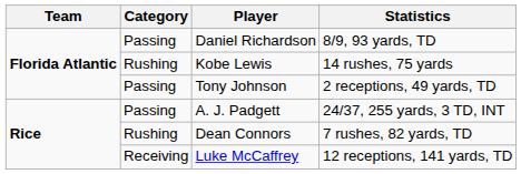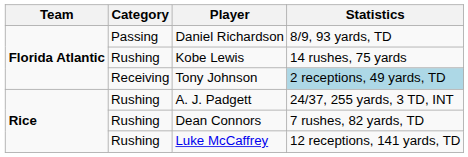 <table class="wikitable" style="float: right;">
 <tr>
 <th>Team</th>
 <th>Category</th>
 <th>Player</th>
 <th>Statistics</th>
 </tr>
 <tr>
 <td rowspan=3><strong>Florida Atlantic</strong></td>
 <td>Passing</td>
 <td>Daniel Richardson</td>
 <td>8/9, 93 yards, TD</td>
 </tr>
 <tr>
 <td>Rushing</td>
 <td>Kobe Lewis</td>
 <td>14 rushes, 75 yards</td>
 </tr>
 <tr>
-<td>Passing</td>
+<td>Receiving</td>
 <td>Tony Johnson</td>
-<td>2 receptions, 49 yards, TD</td>
+<td style="background: lightblue;">2 receptions, 49 yards, TD</td>
 </tr>
 <tr>
 <td rowspan=3><strong>Rice</strong></td>
-<td>Passing</td>
+<td>Rushing</td>
 <td>A. J. Padgett</td>
 <td>24/37, 255 yards, 3 TD, INT</td>
 </tr>
 <tr>
 <td>Rushing</td>
 <td>Dean Connors</td>
 <td>7 rushes, 82 yards, TD</td>
 </tr>
 <tr>
-<td>Receiving</td>
+<td>Rushing</td>
 <td><a href='#'>Luke McCaffrey</a></td>
 <td>12 receptions, 141 yards, TD</td>
 </tr>
 </table>
